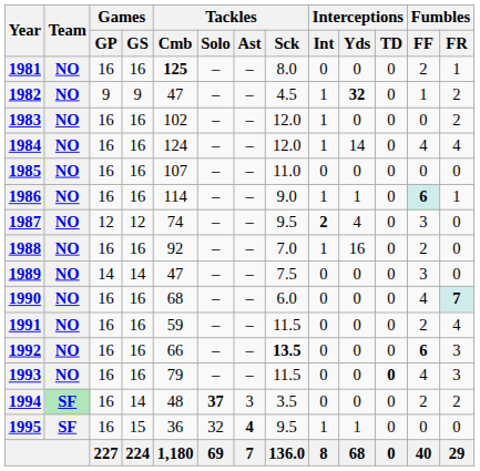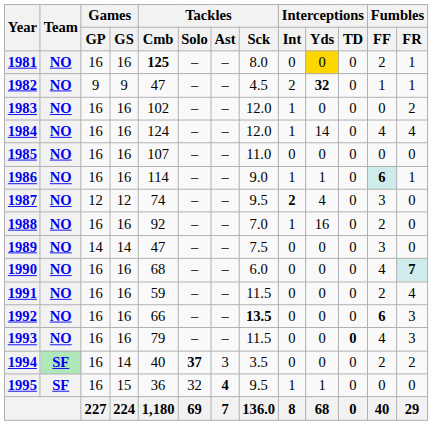 <table class="wikitable sortable" style="text-align: center;">
 <tr>
 <th rowspan="2">Year</th>
 <th rowspan="2">Team</th>
 <th colspan="2">Games</th>
 <th colspan="4">Tackles</th>
 <th colspan="3">Interceptions</th>
 <th colspan="2">Fumbles</th>
 </tr>
 <tr>
 <th>GP</th>
 <th>GS</th>
 <th>Cmb</th>
 <th>Solo</th>
 <th>Ast</th>
 <th>Sck</th>
 <th>Int</th>
 <th>Yds</th>
 <th>TD</th>
 <th>FF</th>
 <th>FR</th>
 </tr>
 <tr>
 <th><a href='#'>1981</a></th>
 <th><a href='#'>NO</a></th>
 <td>16</td>
 <td>16</td>
 <td><strong>125</strong></td>
 <td>–</td>
 <td>–</td>
 <td>8.0</td>
 <td>0</td>
-<td>0</td>
+<td style="background: gold;">0</td>
 <td>0</td>
 <td>2</td>
 <td>1</td>
 </tr>
 <tr>
 <th><a href='#'>1982</a></th>
 <th><a href='#'>NO</a></th>
 <td>9</td>
 <td>9</td>
 <td>47</td>
 <td>–</td>
 <td>–</td>
 <td>4.5</td>
-<td>1</td>
+<td>2</td>
 <td><strong>32</strong></td>
 <td>0</td>
 <td>1</td>
-<td>2</td>
+<td>1</td>
 </tr>
 <tr>
 <th><a href='#'>1983</a></th>
 <th><a href='#'>NO</a></th>
 <td>16</td>
 <td>16</td>
 <td>102</td>
 <td>–</td>
 <td>–</td>
 <td>12.0</td>
 <td>1</td>
 <td>0</td>
 <td>0</td>
 <td>0</td>
 <td>2</td>
 </tr>
 <tr>
 <th><a href='#'>1984</a></th>
 <th><a href='#'>NO</a></th>
 <td>16</td>
 <td>16</td>
 <td>124</td>
 <td>–</td>
 <td>–</td>
 <td>12.0</td>
 <td>1</td>
 <td>14</td>
 <td>0</td>
 <td>4</td>
 <td>4</td>
 </tr>
 <tr>
 <th><a href='#'>1985</a></th>
 <th><a href='#'>NO</a></th>
 <td>16</td>
 <td>16</td>
 <td>107</td>
 <td>–</td>
 <td>–</td>
 <td>11.0</td>
 <td>0</td>
 <td>0</td>
 <td>0</td>
 <td>0</td>
 <td>0</td>
 </tr>
 <tr>
 <th><a href='#'>1986</a></th>
 <th><a href='#'>NO</a></th>
 <td>16</td>
 <td>16</td>
 <td>114</td>
 <td>–</td>
 <td>–</td>
 <td>9.0</td>
 <td>1</td>
 <td>1</td>
 <td>0</td>
 <td style="background:#cfecec;"><strong>6</strong></td>
 <td>1</td>
 </tr>
 <tr>
 <th><a href='#'>1987</a></th>
 <th><a href='#'>NO</a></th>
 <td>12</td>
 <td>12</td>
 <td>74</td>
 <td>–</td>
 <td>–</td>
 <td>9.5</td>
 <td><strong>2</strong></td>
 <td>4</td>
 <td>0</td>
 <td>3</td>
 <td>0</td>
 </tr>
 <tr>
 <th><a href='#'>1988</a></th>
 <th><a href='#'>NO</a></th>
 <td>16</td>
 <td>16</td>
 <td>92</td>
 <td>–</td>
 <td>–</td>
 <td>7.0</td>
 <td>1</td>
 <td>16</td>
 <td>0</td>
 <td>2</td>
 <td>0</td>
 </tr>
 <tr>
 <th><a href='#'>1989</a></th>
 <th><a href='#'>NO</a></th>
 <td>14</td>
 <td>14</td>
 <td>47</td>
 <td>–</td>
 <td>–</td>
 <td>7.5</td>
 <td>0</td>
 <td>0</td>
 <td>0</td>
 <td>3</td>
 <td>0</td>
 </tr>
 <tr>
 <th><a href='#'>1990</a></th>
 <th><a href='#'>NO</a></th>
 <td>16</td>
 <td>16</td>
 <td>68</td>
 <td>–</td>
 <td>–</td>
 <td>6.0</td>
 <td>0</td>
 <td>0</td>
 <td>0</td>
 <td>4</td>
 <td style="background:#cfecec;"><strong>7</strong></td>
 </tr>
 <tr>
 <th><a href='#'>1991</a></th>
 <th><a href='#'>NO</a></th>
 <td>16</td>
 <td>16</td>
 <td>59</td>
 <td>–</td>
 <td>–</td>
 <td>11.5</td>
 <td>0</td>
 <td>0</td>
 <td>0</td>
 <td>2</td>
 <td>4</td>
 </tr>
 <tr>
 <th><a href='#'>1992</a></th>
 <th><a href='#'>NO</a></th>
 <td>16</td>
 <td>16</td>
 <td>66</td>
 <td>–</td>
 <td>–</td>
 <td><strong>13.5</strong></td>
 <td>0</td>
 <td>0</td>
 <td>0</td>
 <td><strong>6</strong></td>
 <td>3</td>
 </tr>
 <tr>
 <th><a href='#'>1993</a></th>
 <th><a href='#'>NO</a></th>
 <td>16</td>
 <td>16</td>
 <td>79</td>
 <td>–</td>
 <td>–</td>
 <td>11.5</td>
 <td>0</td>
 <td>0</td>
 <td><strong>0</strong></td>
 <td>4</td>
 <td>3</td>
 </tr>
 <tr>
 <th><a href='#'>1994</a></th>
 <th style="background:#afe6ba;"><a href='#'>SF</a></th>
 <td>16</td>
 <td>14</td>
-<td>48</td>
+<td>40</td>
 <td><strong>37</strong></td>
 <td>3</td>
 <td>3.5</td>
 <td>0</td>
 <td>0</td>
 <td>0</td>
 <td>2</td>
 <td>2</td>
 </tr>
 <tr>
 <th><a href='#'>1995</a></th>
 <th><a href='#'>SF</a></th>
 <td>16</td>
 <td>15</td>
 <td>36</td>
 <td>32</td>
 <td><strong>4</strong></td>
 <td>9.5</td>
 <td>1</td>
 <td>1</td>
 <td>0</td>
 <td>0</td>
 <td>0</td>
 </tr>
 <tr>
 <th colspan="2"></th>
 <th>227</th>
 <th>224</th>
 <th>1,180</th>
 <th>69</th>
 <th>7</th>
 <th>136.0</th>
 <th>8</th>
 <th>68</th>
 <th>0</th>
 <th>40</th>
 <th>29</th>
 </tr>
 </table>
